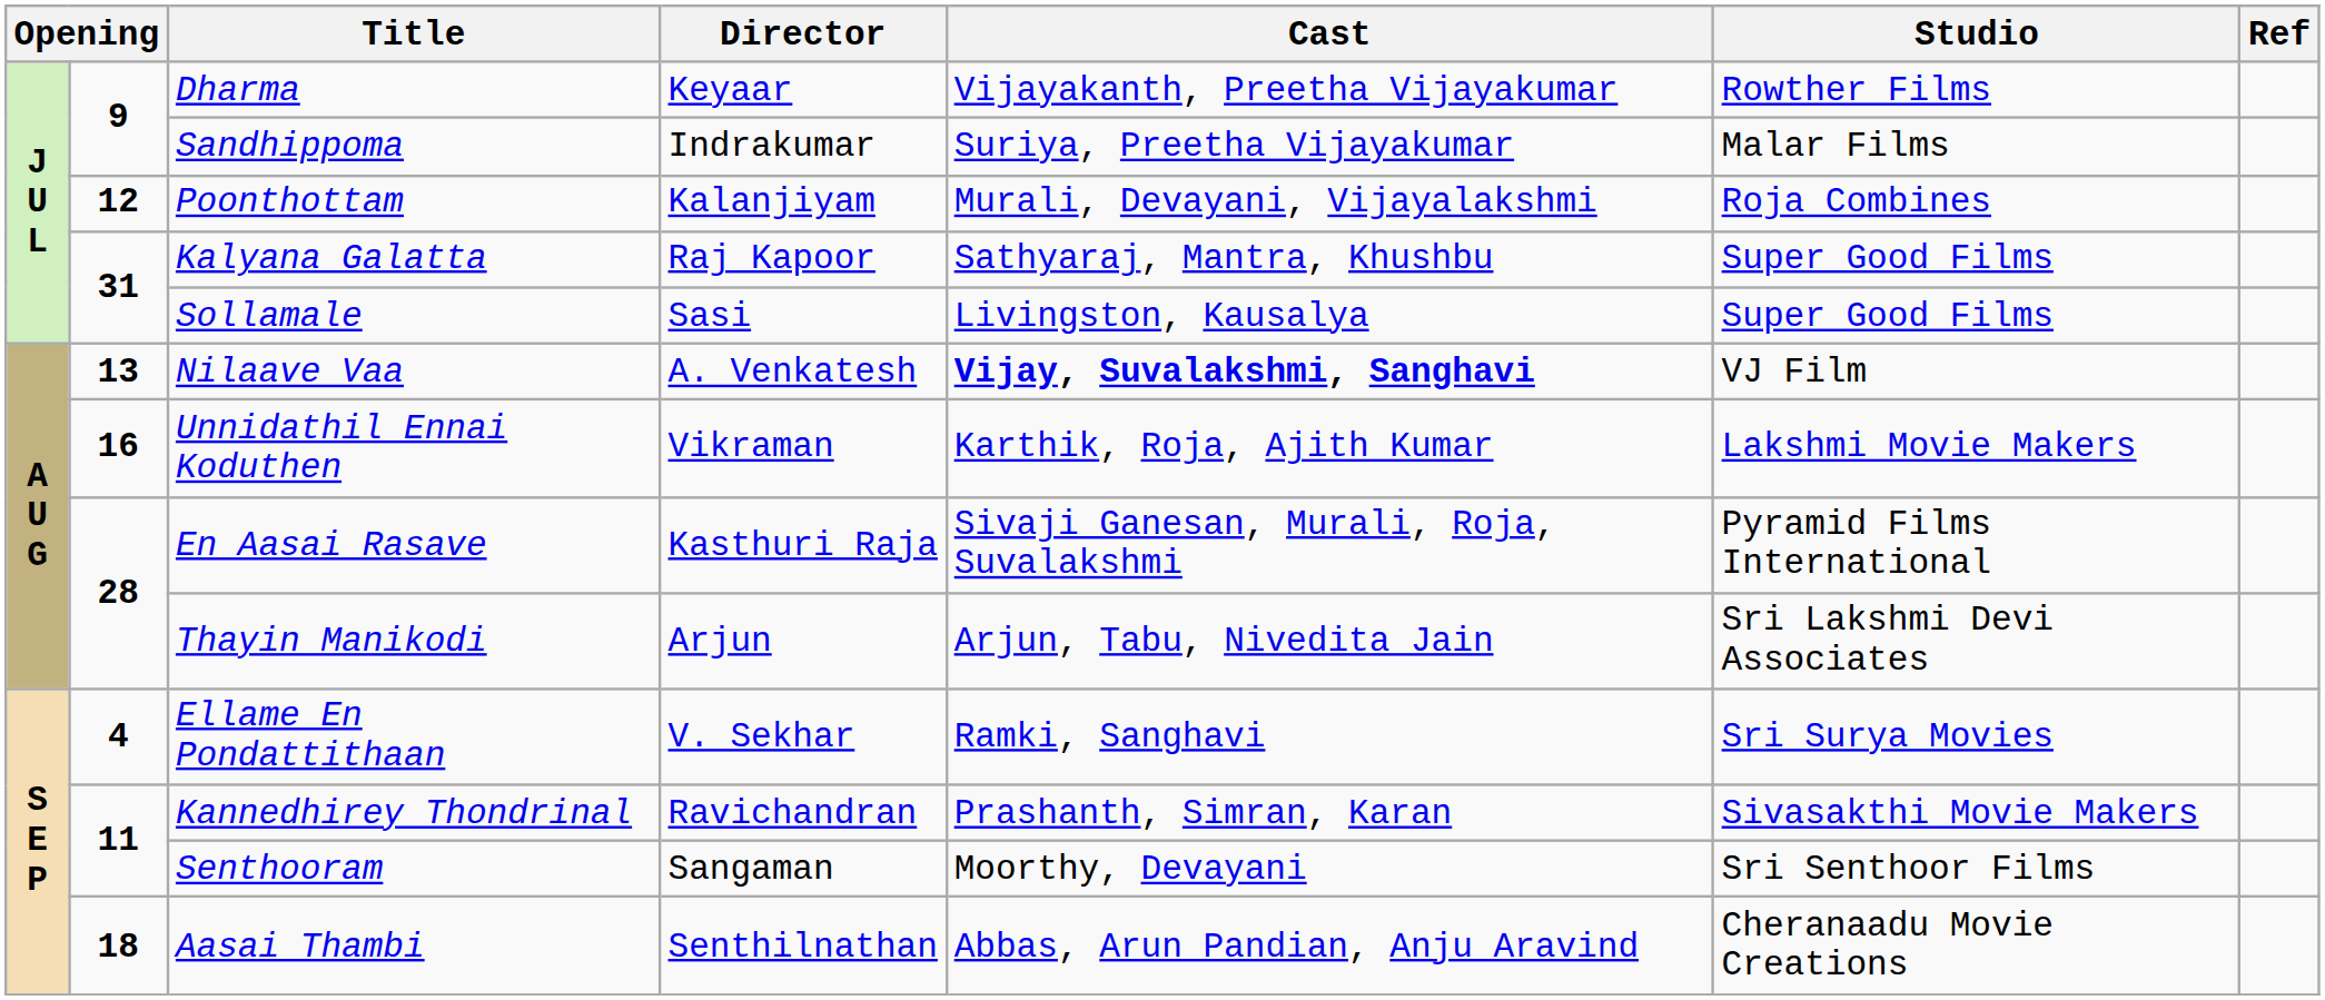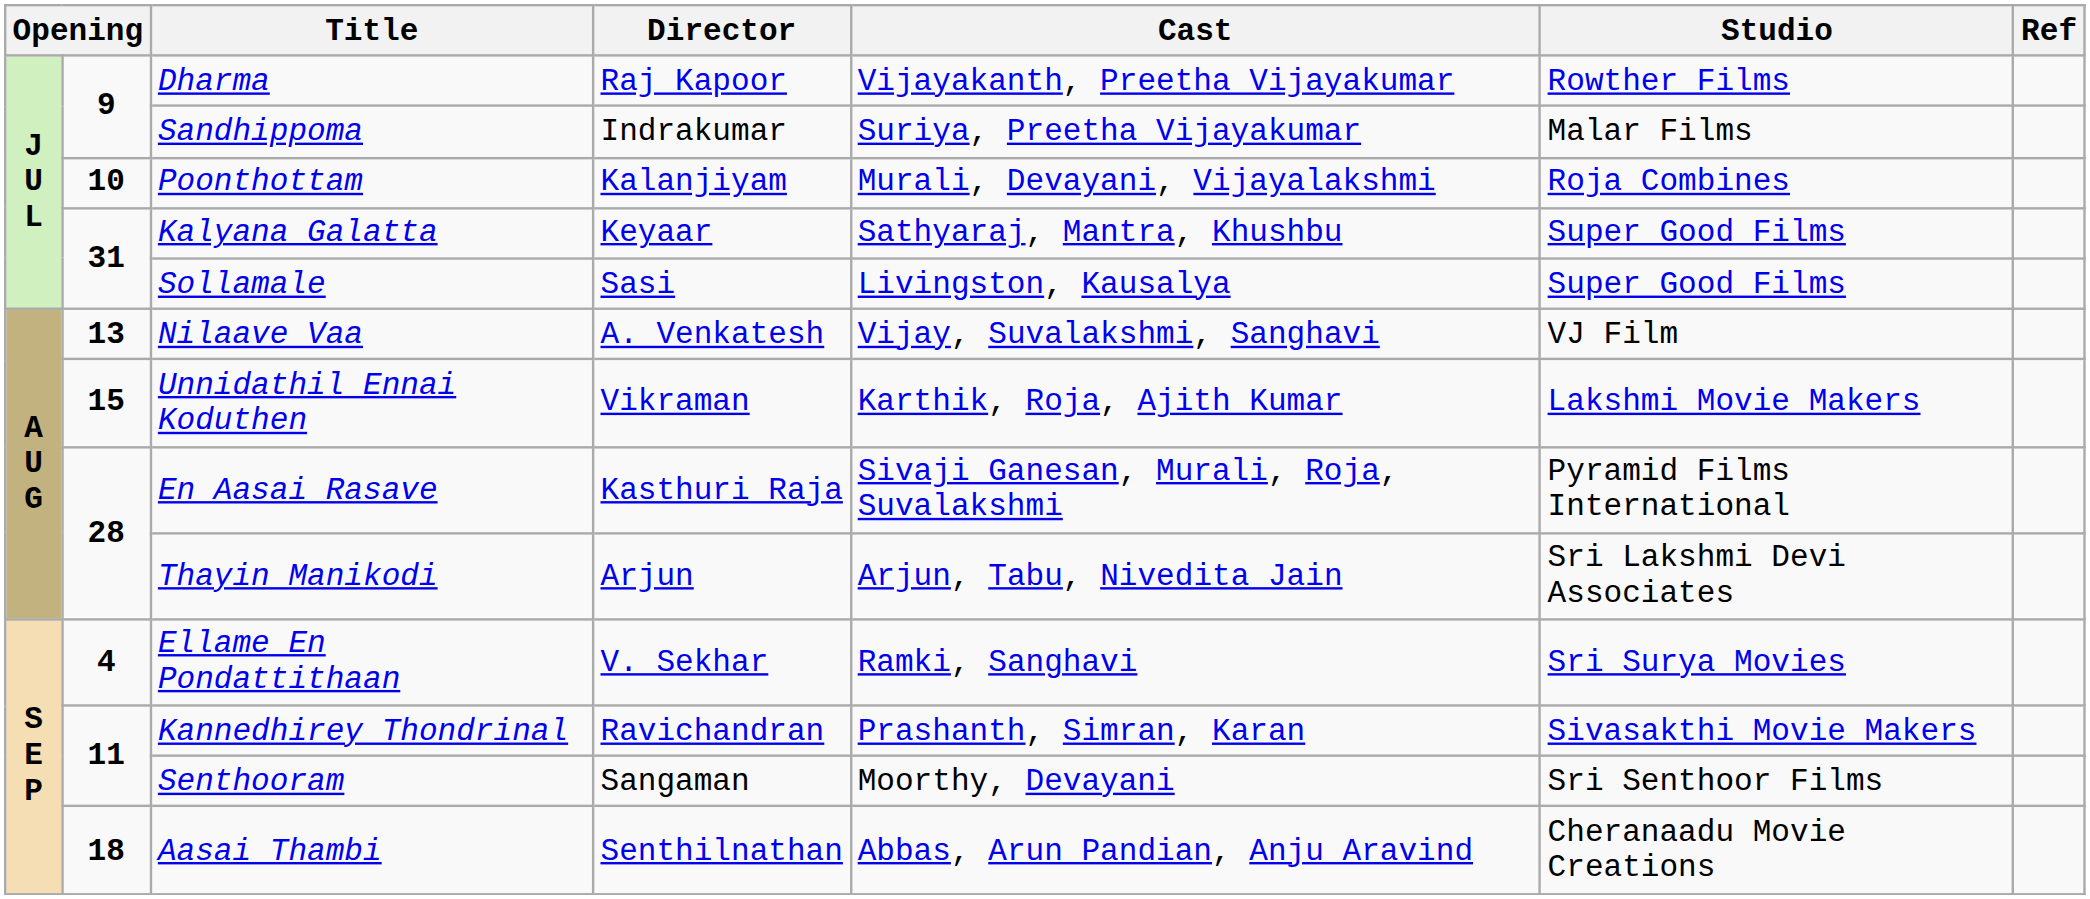 <table class="wikitable">
 <tr>
 <th colspan="2">Opening</th>
 <th>Title</th>
 <th>Director</th>
 <th>Cast</th>
 <th>Studio</th>
 <th>Ref</th>
 </tr>
 <tr July!>
 <td rowspan="5" valign="center" align="center" style="background:	#d0f0c0; textcolor:#000;"><strong>J<br>U<br>L</strong></td>
 <td rowspan="2" align="center"><strong>9</strong></td>
 <td><em><a href='#'>Dharma</a></em></td>
-<td><a href='#'>Keyaar</a></td>
+<td><a href='#'>Raj Kapoor</a></td>
 <td><a href='#'>Vijayakanth</a>, <a href='#'>Preetha Vijayakumar</a></td>
 <td><a href='#'>Rowther Films</a></td>
 <td></td>
 </tr>
 <tr>
 <td><em><a href='#'>Sandhippoma</a></em></td>
 <td>Indrakumar</td>
 <td><a href='#'>Suriya</a>, <a href='#'>Preetha Vijayakumar</a></td>
 <td>Malar Films</td>
 <td></td>
 </tr>
 <tr>
-<td rowspan="1" align="center"><strong>12</strong></td>
+<td rowspan="1" align="center"><strong>10</strong></td>
 <td><em><a href='#'>Poonthottam</a></em></td>
 <td><a href='#'>Kalanjiyam</a></td>
 <td><a href='#'>Murali</a>, <a href='#'>Devayani</a>, <a href='#'>Vijayalakshmi</a></td>
 <td><a href='#'>Roja Combines</a></td>
 <td></td>
 </tr>
 <tr>
 <td rowspan="2" align="center"><strong>31</strong></td>
 <td><em><a href='#'>Kalyana Galatta</a></em></td>
-<td><a href='#'>Raj Kapoor</a></td>
+<td><a href='#'>Keyaar</a></td>
 <td><a href='#'>Sathyaraj</a>, <a href='#'>Mantra</a>, <a href='#'>Khushbu</a></td>
 <td><a href='#'>Super Good Films</a></td>
 <td></td>
 </tr>
 <tr>
 <td><em><a href='#'>Sollamale</a></em></td>
 <td><a href='#'>Sasi</a></td>
 <td><a href='#'>Livingston</a>, <a href='#'>Kausalya</a></td>
 <td><a href='#'>Super Good Films</a></td>
 <td></td>
 </tr>
 <tr August!>
 <td rowspan="4" valign="center" align="center" style="background:#C2B280;"><strong>A<br>U<br>G</strong></td>
 <td rowspan="1" align="center"><strong>13</strong></td>
 <td><em><a href='#'>Nilaave Vaa</a></em></td>
 <td><a href='#'>A. Venkatesh</a></td>
-<td><strong><a href='#'>Vijay</a>, <a href='#'>Suvalakshmi</a>, <a href='#'>Sanghavi</a></strong></td>
+<td><a href='#'>Vijay</a>, <a href='#'>Suvalakshmi</a>, <a href='#'>Sanghavi</a></td>
 <td>VJ Film</td>
 <td></td>
 </tr>
 <tr>
-<td rowspan="1" align="center"><strong>16</strong></td>
+<td rowspan="1" align="center"><strong>15</strong></td>
 <td><em><a href='#'>Unnidathil Ennai Koduthen</a></em></td>
 <td><a href='#'>Vikraman</a></td>
 <td><a href='#'>Karthik</a>, <a href='#'>Roja</a>, <a href='#'>Ajith Kumar</a></td>
 <td><a href='#'>Lakshmi Movie Makers</a></td>
 <td></td>
 </tr>
 <tr>
 <td rowspan="2" align="center"><strong>28</strong></td>
 <td><em><a href='#'>En Aasai Rasave</a></em></td>
 <td><a href='#'>Kasthuri Raja</a></td>
 <td><a href='#'>Sivaji Ganesan</a>, <a href='#'>Murali</a>, <a href='#'>Roja</a>, <a href='#'>Suvalakshmi</a></td>
 <td>Pyramid Films International</td>
 <td></td>
 </tr>
 <tr>
 <td><em><a href='#'>Thayin Manikodi</a></em></td>
 <td><a href='#'>Arjun</a></td>
 <td><a href='#'>Arjun</a>, <a href='#'>Tabu</a>, <a href='#'>Nivedita Jain</a></td>
 <td>Sri Lakshmi Devi Associates</td>
 <td></td>
 </tr>
 <tr September!>
 <td rowspan="4" valign="center" align="center" style="background:#F5DEB3; textcolor:#000;"><strong>S<br>E<br>P</strong></td>
 <td rowspan="1" align="center"><strong>4</strong></td>
 <td><em><a href='#'>Ellame En Pondattithaan</a></em></td>
 <td><a href='#'>V. Sekhar</a></td>
 <td><a href='#'>Ramki</a>, <a href='#'>Sanghavi</a></td>
 <td><a href='#'>Sri Surya Movies</a></td>
 <td></td>
 </tr>
 <tr>
 <td rowspan="2" align="center"><strong>11</strong></td>
 <td><em><a href='#'>Kannedhirey Thondrinal</a></em></td>
 <td><a href='#'>Ravichandran</a></td>
 <td><a href='#'>Prashanth</a>, <a href='#'>Simran</a>, <a href='#'>Karan</a></td>
 <td><a href='#'>Sivasakthi Movie Makers</a></td>
 <td></td>
 </tr>
 <tr>
 <td><em><a href='#'>Senthooram</a></em></td>
 <td>Sangaman</td>
 <td>Moorthy, <a href='#'>Devayani</a></td>
 <td>Sri Senthoor Films</td>
 <td></td>
 </tr>
 <tr>
 <td rowspan="1" align="center"><strong>18</strong></td>
 <td><em><a href='#'>Aasai Thambi</a></em></td>
 <td><a href='#'>Senthilnathan</a></td>
 <td><a href='#'>Abbas</a>, <a href='#'>Arun Pandian</a>, <a href='#'>Anju Aravind</a></td>
 <td>Cheranaadu Movie Creations</td>
 <td></td>
 </tr>
 </table>
